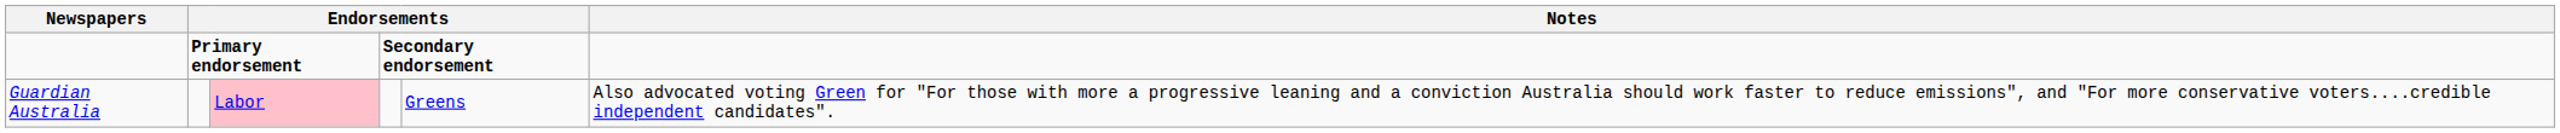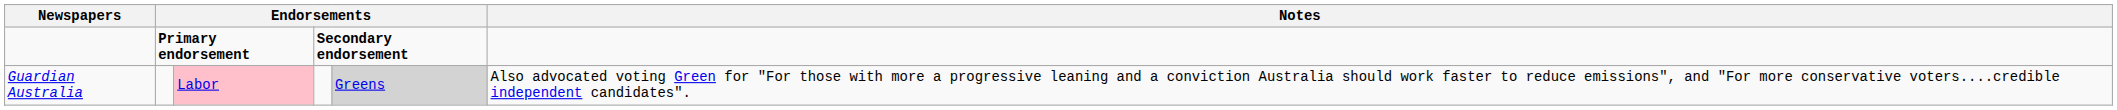 <table class="wikitable">
 <tr>
 <th>Newspapers</th>
 <th colspan="4">Endorsements</th>
 <th>Notes</th>
 </tr>
 <tr>
 <td></td>
 <td colspan="2"><strong>Primary endorsement</strong></td>
 <td colspan="2"><strong>Secondary endorsement</strong></td>
 <td></td>
 </tr>
 <tr>
 <td><em><a href='#'>Guardian Australia</a></em></td>
 <td></td>
 <td style="background: pink;"><a href='#'>Labor</a></td>
 <td></td>
-<td><a href='#'>Greens</a></td>
+<td style="background: lightgrey;"><a href='#'>Greens</a></td>
 <td>Also advocated voting <a href='#'>Green</a> for "For those with more a progressive leaning and a conviction Australia should work faster to reduce emissions", and "For more conservative voters....credible <a href='#'>independent</a> candidates".</td>
 </tr>
 </table>
